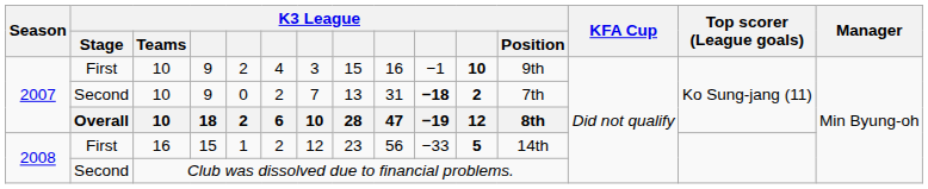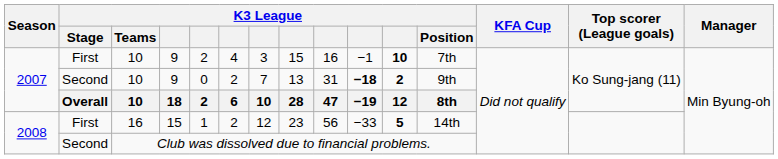 <table class="wikitable" style="text-align:center; font-size:90%;">
 <tr>
 <th rowspan=2>Season</th>
 <th colspan=11><a href='#'>K3 League</a></th>
 <th rowspan=2><a href='#'>KFA Cup</a></th>
 <th rowspan=2>Top scorer <br> (League goals)</th>
 <th rowspan=2>Manager</th>
 </tr>
 <tr>
 <th>Stage</th>
 <th>Teams</th>
 <th width=25></th>
 <th width=25></th>
 <th width=25></th>
 <th width=25></th>
 <th width=30></th>
 <th width=30></th>
 <th width=30></th>
 <th width=30></th>
 <th>Position</th>
 </tr>
 <tr>
 <td rowspan=3><a href='#'>2007</a></td>
 <td>First</td>
 <td>10</td>
 <td>9</td>
 <td>2</td>
 <td>4</td>
 <td>3</td>
 <td>15</td>
 <td>16</td>
 <td>−1</td>
 <td><strong>10</strong></td>
-<td>9th</td>
+<td>7th</td>
 <td rowspan=5><em>Did not qualify</em></td>
 <td rowspan=3> Ko Sung-jang (11)</td>
 <td rowspan=5> Min Byung-oh</td>
 </tr>
 <tr>
 <td>Second</td>
 <td>10</td>
 <td>9</td>
 <td>0</td>
 <td>2</td>
 <td>7</td>
 <td>13</td>
 <td>31</td>
 <td><strong>−18</strong></td>
 <td><strong>2</strong></td>
-<td>7th</td>
+<td>9th</td>
 </tr>
 <tr>
 <th>Overall</th>
 <th>10</th>
 <th>18</th>
 <th>2</th>
 <th>6</th>
 <th>10</th>
 <th>28</th>
 <th>47</th>
 <th>−19</th>
 <th><strong>12</strong></th>
 <th>8th</th>
 </tr>
 <tr>
 <td rowspan=2><a href='#'>2008</a></td>
 <td>First</td>
 <td>16</td>
 <td>15</td>
 <td>1</td>
 <td>2</td>
 <td>12</td>
 <td>23</td>
 <td>56</td>
 <td>−33</td>
 <td><strong>5</strong></td>
 <td>14th</td>
 <td rowspan=2></td>
 </tr>
 <tr>
 <td>Second</td>
 <td colspan=10><em>Club was dissolved due to financial problems.</em></td>
 </tr>
 </table>
